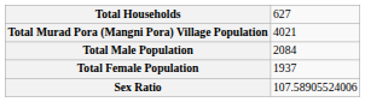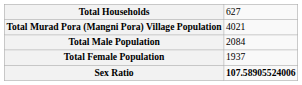 <table class="wikitable">
 <tr>
 <th>Total Households</th>
 <td>627</td>
 </tr>
 <tr>
 <th>Total Murad Pora (Mangni Pora) Village Population</th>
 <td>4021</td>
 </tr>
 <tr>
 <th>Total Male Population</th>
 <td>2084</td>
 </tr>
 <tr>
 <th>Total Female Population</th>
 <td>1937</td>
 </tr>
 <tr>
 <th>Sex Ratio</th>
-<td>107.58905524006</td>
+<td><strong>107.58905524006</strong></td>
 </tr>
 </table>
